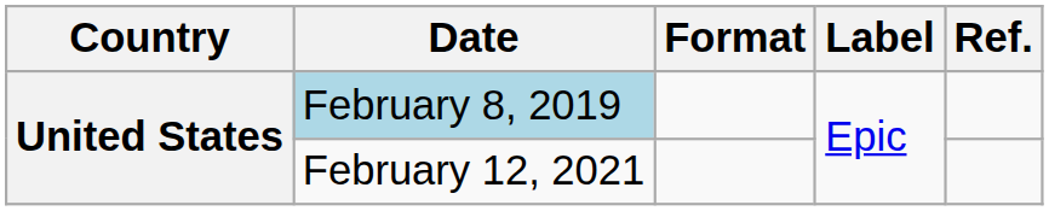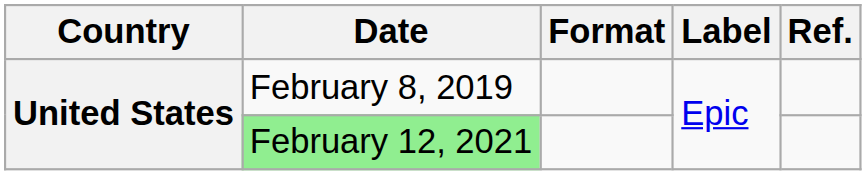 <table class="wikitable plainrowheaders">
 <tr>
 <th scope="col">Country</th>
 <th scope="col">Date</th>
 <th scope="col">Format</th>
 <th scope="col">Label</th>
 <th scope="col">Ref.</th>
 </tr>
 <tr>
 <th scope="row" rowspan="2">United States</th>
-<td style="background: lightblue;">February 8, 2019</td>
+<td>February 8, 2019</td>
 <td></td>
 <td rowspan="2"><a href='#'>Epic</a></td>
 <td></td>
 </tr>
 <tr>
-<td>February 12, 2021</td>
+<td style="background: lightgreen;">February 12, 2021</td>
 <td> </td>
 <td></td>
 </tr>
 </table>
